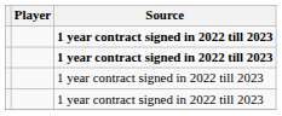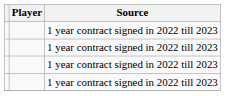 <table class="wikitable plainrowheaders sortable">
 <tr>
 <th></th>
 <th scope=col>Player</th>
 <th scope=col>Source</th>
 </tr>
 <tr>
 <td></td>
 <td align=left></td>
-<td><strong>1 year contract signed in 2022 till 2023</strong></td>
+<td>1 year contract signed in 2022 till 2023</td>
 </tr>
 <tr>
 <td></td>
 <td align=left></td>
-<td><strong>1 year contract signed in 2022 till 2023</strong></td>
+<td>1 year contract signed in 2022 till 2023</td>
 </tr>
 <tr>
 <td></td>
 <td align=left></td>
 <td>1 year contract signed in 2022 till 2023</td>
 </tr>
 <tr>
 <td></td>
 <td align=left></td>
 <td>1 year contract signed in 2022 till 2023</td>
 </tr>
 <tr>
 </tr>
 </table>
